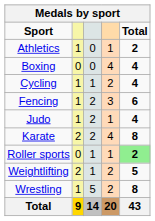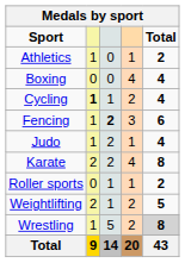 <table class=wikitable style="font-size:85%; float:right;text-align:center">
 <tr bgcolor=EFEFEF>
 <th colspan=7>Medals by sport</th>
 </tr>
 <tr>
 <td><strong>Sport</strong></td>
 <td bgcolor=F7F6A8></td>
 <td bgcolor=DCE5E5></td>
 <td bgcolor=FFDBA9></td>
 <td><strong>Total</strong></td>
 </tr>
 <tr>
 <td><a href='#'>Athletics</a></td>
 <td bgcolor=F7F6A8>1</td>
 <td bgcolor=DCE5E5>0</td>
 <td bgcolor=FFDAB9>1</td>
 <td><strong>2</strong></td>
 </tr>
 <tr>
 <td><a href='#'>Boxing</a></td>
 <td bgcolor=F7F6A8>0</td>
 <td bgcolor=DCE5E5>0</td>
 <td bgcolor=FFDAB9>4</td>
 <td><strong>4</strong></td>
 </tr>
 <tr>
 <td><a href='#'>Cycling</a></td>
-<td bgcolor=F7F6A8>1</td>
+<td bgcolor=F7F6A8><strong>1</strong></td>
 <td bgcolor=DCE5E5>1</td>
 <td bgcolor=FFDAB9>2</td>
 <td><strong>4</strong></td>
 </tr>
 <tr>
 <td><a href='#'>Fencing</a></td>
 <td bgcolor=F7F6A8>1</td>
-<td bgcolor=DCE5E5>2</td>
+<td bgcolor=DCE5E5><strong>2</strong></td>
 <td bgcolor=FFDAB9>3</td>
 <td><strong>6</strong></td>
 </tr>
 <tr>
 <td><a href='#'>Judo</a></td>
 <td bgcolor=F7F6A8>1</td>
 <td bgcolor=DCE5E5>2</td>
 <td bgcolor=FFDAB9>1</td>
 <td><strong>4</strong></td>
 </tr>
 <tr>
 <td><a href='#'>Karate</a></td>
 <td bgcolor=F7F6A8>2</td>
 <td bgcolor=DCE5E5>2</td>
 <td bgcolor=FFDAB9>4</td>
 <td><strong>8</strong></td>
 </tr>
 <tr>
 <td><a href='#'>Roller sports</a></td>
 <td bgcolor=F7F6A8>0</td>
 <td bgcolor=DCE5E5>1</td>
 <td bgcolor=FFDAB9>1</td>
-<td style="background: lightgreen;"><strong>2</strong></td>
+<td><strong>2</strong></td>
 </tr>
 <tr>
 <td><a href='#'>Weightlifting</a></td>
 <td bgcolor=F7F6A8>2</td>
 <td bgcolor=DCE5E5>1</td>
 <td bgcolor=FFDAB9>2</td>
 <td><strong>5</strong></td>
 </tr>
 <tr>
 <td><a href='#'>Wrestling</a></td>
 <td bgcolor=F7F6A8>1</td>
 <td bgcolor=DCE5E5>5</td>
 <td bgcolor=FFDAB9>2</td>
-<td><strong>8</strong></td>
+<td style="background: lightgrey;"><strong>8</strong></td>
 </tr>
 <tr>
 <th>Total</th>
 <th style=background:gold>9</th>
 <th style=background:silver>14</th>
 <th style=background:#C96>20</th>
 <th>43</th>
 </tr>
 </table>
